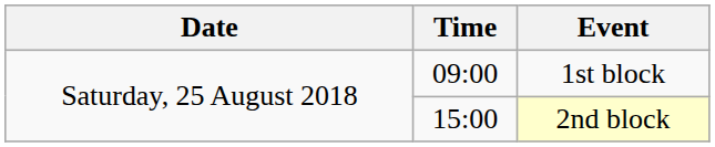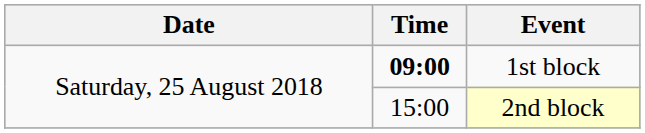 <table class = "wikitable" style="text-align:center;">
 <tr>
 <th width=220>Date</th>
 <th width=50>Time</th>
 <th width=100>Event</th>
 </tr>
 <tr>
 <td rowspan=2>Saturday, 25 August 2018</td>
-<td>09:00</td>
+<td><strong>09:00</strong></td>
 <td>1st block</td>
 </tr>
 <tr>
 <td>15:00</td>
 <td bgcolor=ffffcc>2nd block</td>
 </tr>
 </table>
